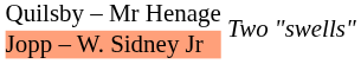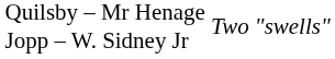 <table style="text-align: left; margin-left: 0em;" border=0 cellpadding=0>
 <tr>
 <td>Quilsby – Mr Henage</td>
 <td rowspan=2; valign="middle";><big></big></td>
 <td rowspan=2; valign="middle"><em>Two "swells"</em></td>
 </tr>
 <tr>
-<td style="background: lightsalmon;">Jopp – W. Sidney Jr</td>
+<td>Jopp – W. Sidney Jr</td>
 </tr>
 </table>
